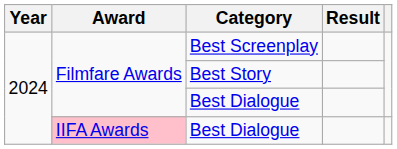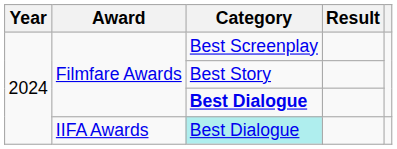 <table class="wikitable">
 <tr>
 <th>Year</th>
 <th>Award</th>
 <th>Category</th>
 <th>Result</th>
 <th></th>
 </tr>
 <tr>
 <td rowspan="4">2024</td>
 <td rowspan="3"><a href='#'>Filmfare Awards</a></td>
 <td><a href='#'>Best Screenplay</a></td>
 <td></td>
 <td rowspan="3"></td>
 </tr>
 <tr>
 <td><a href='#'>Best Story</a></td>
 <td></td>
 </tr>
 <tr>
-<td><a href='#'>Best Dialogue</a></td>
+<td><strong><a href='#'>Best Dialogue</a></strong></td>
 <td></td>
 </tr>
 <tr>
-<td style="background: pink;"><a href='#'>IIFA Awards</a></td>
-<td><a href='#'>Best Dialogue</a></td>
+<td><a href='#'>IIFA Awards</a></td>
+<td style="background: paleturquoise;"><a href='#'>Best Dialogue</a></td>
 <td></td>
 <td></td>
 </tr>
 </table>
